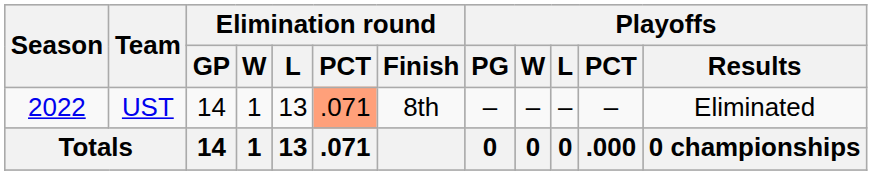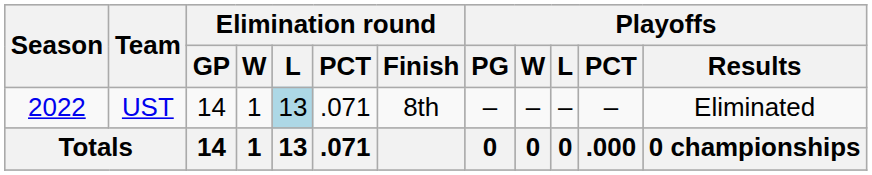 <table class=wikitable style="text-align:center">
 <tr>
 <th rowspan=2>Season</th>
 <th rowspan=2>Team</th>
 <th colspan="5">Elimination round</th>
 <th colspan="5">Playoffs</th>
 </tr>
 <tr>
 <th>GP</th>
 <th>W</th>
 <th>L</th>
 <th>PCT</th>
 <th>Finish</th>
 <th>PG</th>
 <th>W</th>
 <th>L</th>
 <th>PCT</th>
 <th>Results</th>
 </tr>
 <tr>
 <td><a href='#'>2022</a></td>
 <td><a href='#'>UST</a></td>
 <td>14</td>
 <td>1</td>
-<td>13</td>
-<td style="background: lightsalmon;">.071</td>
+<td style="background: lightblue;">13</td>
+<td>.071</td>
 <td>8th</td>
 <td>–</td>
 <td>–</td>
 <td>–</td>
 <td>–</td>
 <td>Eliminated</td>
 </tr>
 <tr>
 <th colspan="2">Totals</th>
 <th>14</th>
 <th>1</th>
 <th>13</th>
 <th>.071</th>
 <th></th>
 <th>0</th>
 <th>0</th>
 <th>0</th>
 <th>.000</th>
 <th>0 championships</th>
 </tr>
 </table>
